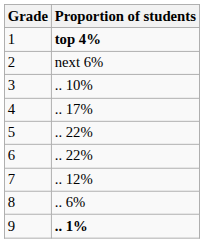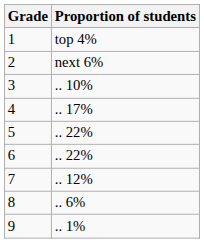 <table class="wikitable">
 <tr>
 <th>Grade</th>
 <th>Proportion of students</th>
 </tr>
 <tr>
 <td>1</td>
-<td><strong>top  4%</strong></td>
+<td>top  4%</td>
 </tr>
 <tr>
 <td>2</td>
 <td>next  6%</td>
 </tr>
 <tr>
 <td>3</td>
 <td>..  10%</td>
 </tr>
 <tr>
 <td>4</td>
 <td>..  17%</td>
 </tr>
 <tr>
 <td>5</td>
 <td>..  22%</td>
 </tr>
 <tr>
 <td>6</td>
 <td>..  22%</td>
 </tr>
 <tr>
 <td>7</td>
 <td>..  12%</td>
 </tr>
 <tr>
 <td>8</td>
 <td>..   6%</td>
 </tr>
 <tr>
 <td>9</td>
-<td><strong>..   1%</strong></td>
+<td>..   1%</td>
 </tr>
 </table>
